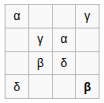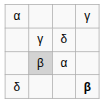 <table class="wikitable" style="margin-left:auto;margin-right:auto;text-align:center;width:8em;height:8em;table-layout:fixed;">
 <tr>
 <td>α</td>
 <td></td>
 <td></td>
 <td>γ</td>
 </tr>
 <tr>
 <td></td>
 <td>γ</td>
-<td>α</td>
+<td>δ</td>
 <td></td>
 </tr>
 <tr>
 <td></td>
-<td>β</td>
-<td>δ</td>
+<td style="background: lightgrey;">β</td>
+<td>α</td>
 <td></td>
 </tr>
 <tr>
 <td>δ</td>
 <td></td>
 <td></td>
 <td><strong>β</strong></td>
 </tr>
 </table>
